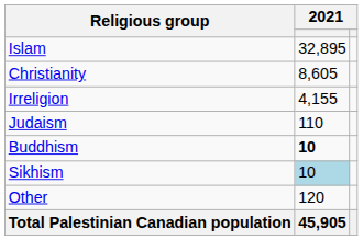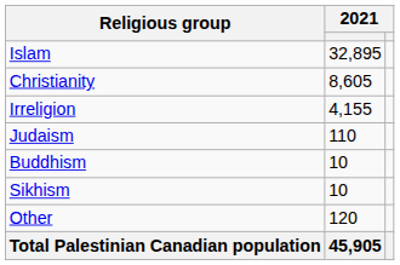 <table class="wikitable sortable">
 <tr>
 <th rowspan="2">Religious group</th>
 <th colspan="2">2021</th>
 </tr>
 <tr>
 <th><a href='#'></a></th>
 <th></th>
 </tr>
 <tr>
 <td><a href='#'>Islam</a></td>
 <td>32,895</td>
 <td></td>
 </tr>
 <tr>
 <td><a href='#'>Christianity</a></td>
 <td>8,605</td>
 <td></td>
 </tr>
 <tr>
 <td><a href='#'>Irreligion</a></td>
 <td>4,155</td>
 <td></td>
 </tr>
 <tr>
 <td><a href='#'>Judaism</a></td>
 <td>110</td>
 <td></td>
 </tr>
 <tr>
 <td><a href='#'>Buddhism</a></td>
-<td><strong>10</strong></td>
+<td>10</td>
 <td></td>
 </tr>
 <tr>
 <td><a href='#'>Sikhism</a></td>
-<td style="background: lightblue;">10</td>
+<td>10</td>
 <td></td>
 </tr>
 <tr>
 <td><a href='#'>Other</a></td>
 <td>120</td>
 <td></td>
 </tr>
 <tr>
 <th>Total Palestinian Canadian population</th>
 <th>45,905</th>
 <th></th>
 </tr>
 </table>
